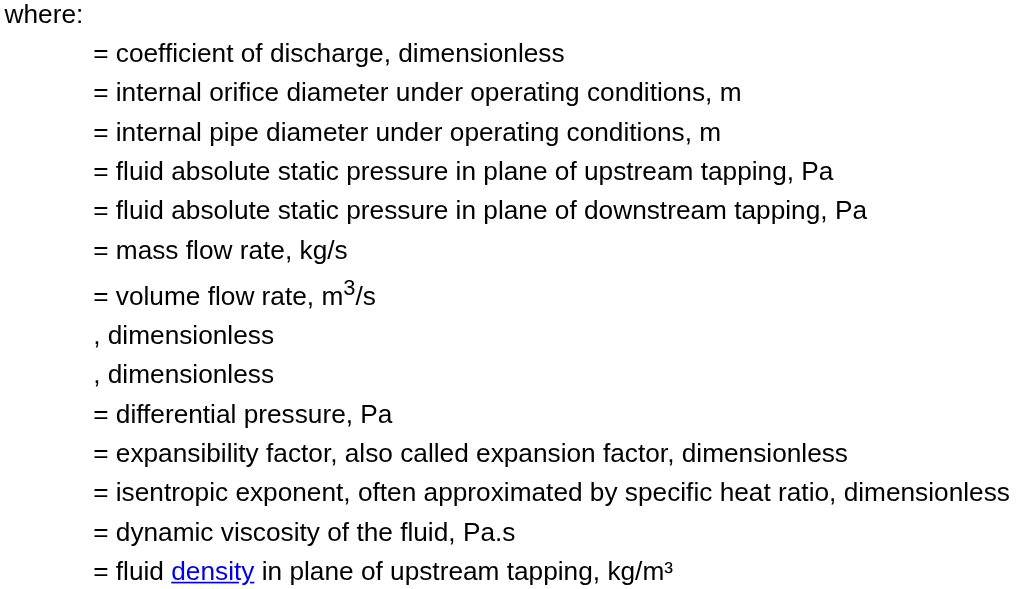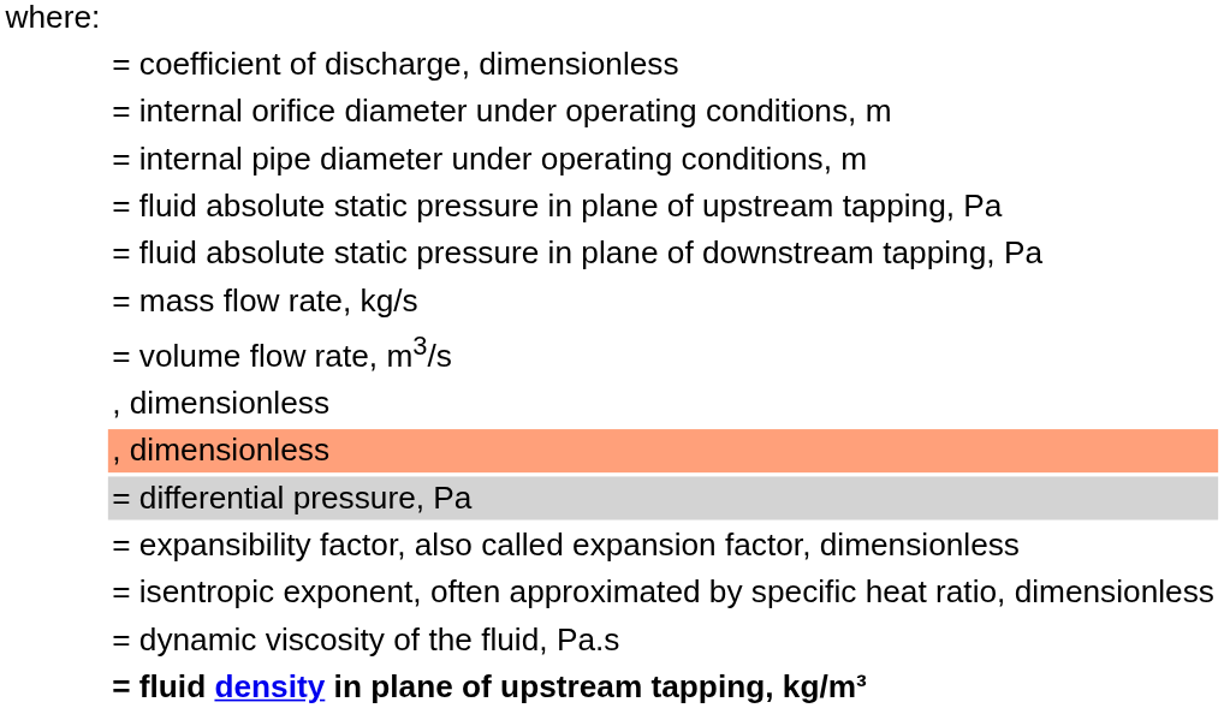 <table border="0" cellpadding="2">
 <tr>
 <td align=right>where:</td>
 <td> </td>
 </tr>
 <tr>
 <th align=right><em></em></th>
 <td align=left>= coefficient of discharge, dimensionless</td>
 </tr>
 <tr>
 <th align=right><em></em></th>
 <td align=left>= internal orifice diameter under operating conditions, m</td>
 </tr>
 <tr>
 <th align=right><em></em></th>
 <td align=left>= internal pipe diameter under operating conditions, m</td>
 </tr>
 <tr>
 <th align=right><em></em></th>
 <td align=left>= fluid absolute static pressure in plane of upstream tapping, Pa</td>
 </tr>
 <tr>
 <th align=right><em></em></th>
 <td align=left>= fluid absolute static pressure in plane of downstream tapping, Pa</td>
 </tr>
 <tr>
 <th align=right><em></em></th>
 <td align=left>= mass flow rate, kg/s</td>
 </tr>
 <tr>
 <th align=right><em></em></th>
 <td align=left>= volume flow rate, m<sup>3</sup>/s</td>
 </tr>
 <tr>
 <th align=right><em></em></th>
 <td align=left>, dimensionless</td>
 </tr>
 <tr>
 <th align=right><em></em></th>
-<td align=left>, dimensionless</td>
+<td align=left style="background: lightsalmon;">, dimensionless</td>
 </tr>
 <tr>
 <th align=right><em></em></th>
-<td align=left>= differential pressure, Pa</td>
+<td align=left style="background: lightgrey;">= differential pressure, Pa</td>
 </tr>
 <tr>
 <th align=right><em></em></th>
 <td align=left>= expansibility factor, also called expansion factor, dimensionless</td>
 </tr>
 <tr>
 <th align=right><em></em></th>
 <td align=left>= isentropic exponent, often approximated by specific heat ratio, dimensionless</td>
 </tr>
 <tr>
 <th align=right><em></em></th>
 <td align=left>= dynamic viscosity of the fluid, Pa.s</td>
 </tr>
 <tr>
 <th align=right><em></em></th>
-<td align=left>= fluid <a href='#'>density</a> in plane of upstream tapping, kg/m³</td>
+<td align=left><strong>= fluid <a href='#'>density</a> in plane of upstream tapping, kg/m³</strong></td>
 </tr>
 </table>
